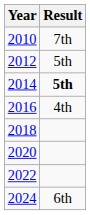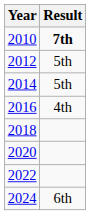 <table class="wikitable" style="text-align: center">
 <tr>
 <th>Year</th>
 <th>Result</th>
 </tr>
 <tr>
 <td><a href='#'>2010</a></td>
-<td>7th</td>
+<td><strong>7th</strong></td>
 </tr>
 <tr>
 <td><a href='#'>2012</a></td>
 <td>5th</td>
 </tr>
 <tr>
 <td><a href='#'>2014</a></td>
-<td><strong>5th</strong></td>
+<td>5th</td>
 </tr>
 <tr>
 <td><a href='#'>2016</a></td>
 <td>4th</td>
 </tr>
 <tr>
 <td><a href='#'>2018</a></td>
 <td></td>
 </tr>
 <tr>
 <td><a href='#'>2020</a></td>
 <td></td>
 </tr>
 <tr>
 <td><a href='#'>2022</a></td>
 <td></td>
 </tr>
 <tr>
 <td><a href='#'>2024</a></td>
 <td>6th</td>
 </tr>
 </table>
